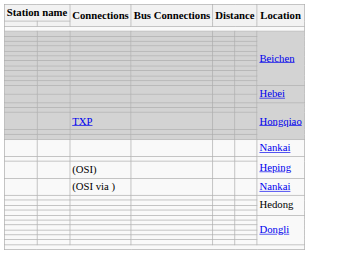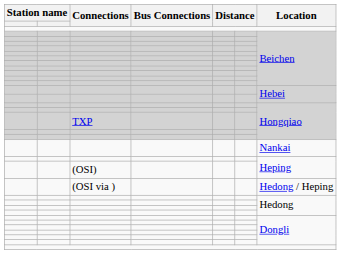 <table class="wikitable">
 <tr>
 <th colspan="2">Station name</th>
 <th rowspan="2">Connections</th>
 <th rowspan="2">Bus Connections</th>
 <th colspan="2" rowspan="2">Distance<br></th>
 <th rowspan="2">Location</th>
 </tr>
 <tr>
 <th></th>
 <th></th>
 </tr>
 <tr style="background:#">
 <td colspan="7"></td>
 </tr>
 <tr bgcolor="lightgrey">
 <td></td>
 <td></td>
 <td></td>
 <td></td>
 <td></td>
 <td></td>
 <td rowspan="11"><a href='#'>Beichen</a></td>
 </tr>
 <tr bgcolor="lightgrey">
 <td></td>
 <td></td>
 <td></td>
 <td></td>
 <td></td>
 <td></td>
 </tr>
 <tr bgcolor="lightgrey">
 <td></td>
 <td></td>
 <td></td>
 <td></td>
 <td></td>
 <td></td>
 </tr>
 <tr bgcolor="lightgrey">
 <td></td>
 <td></td>
 <td></td>
 <td></td>
 <td></td>
 <td></td>
 </tr>
 <tr bgcolor="lightgrey">
 <td></td>
 <td></td>
 <td></td>
 <td></td>
 <td></td>
 <td></td>
 </tr>
 <tr bgcolor="lightgrey">
 <td></td>
 <td></td>
 <td></td>
 <td></td>
 <td></td>
 <td></td>
 </tr>
 <tr bgcolor="lightgrey">
 <td></td>
 <td></td>
 <td></td>
 <td></td>
 <td></td>
 <td></td>
 </tr>
 <tr bgcolor="lightgrey">
 <td></td>
 <td></td>
 <td></td>
 <td></td>
 <td></td>
 <td></td>
 </tr>
 <tr bgcolor="lightgrey">
 <td></td>
 <td></td>
 <td></td>
 <td></td>
 <td></td>
 <td></td>
 </tr>
 <tr bgcolor="lightgrey">
 <td></td>
 <td></td>
 <td></td>
 <td></td>
 <td></td>
 <td></td>
 </tr>
 <tr bgcolor="lightgrey">
 <td></td>
 <td></td>
 <td></td>
 <td></td>
 <td></td>
 <td></td>
 </tr>
 <tr bgcolor="lightgrey">
 <td></td>
 <td></td>
 <td></td>
 <td></td>
 <td></td>
 <td></td>
 <td rowspan="2"><a href='#'>Hebei</a></td>
 </tr>
 <tr bgcolor="lightgrey">
 <td></td>
 <td></td>
 <td></td>
 <td></td>
 <td></td>
 <td></td>
 </tr>
 <tr bgcolor="lightgrey">
 <td></td>
 <td></td>
 <td></td>
 <td></td>
 <td></td>
 <td></td>
 <td rowspan="5"><a href='#'>Hongqiao</a></td>
 </tr>
 <tr bgcolor="lightgrey">
 <td></td>
 <td></td>
 <td></td>
 <td></td>
 <td></td>
 <td></td>
 </tr>
 <tr bgcolor="lightgrey">
 <td></td>
 <td></td>
 <td>   <a href='#'>TXP</a></td>
 <td></td>
 <td></td>
 <td></td>
 </tr>
 <tr bgcolor="lightgrey">
 <td></td>
 <td></td>
 <td></td>
 <td></td>
 <td></td>
 <td></td>
 </tr>
 <tr bgcolor="lightgrey">
 <td></td>
 <td></td>
 <td></td>
 <td></td>
 <td></td>
 <td></td>
 </tr>
 <tr>
 <td></td>
 <td></td>
 <td></td>
 <td></td>
 <td></td>
 <td></td>
 <td><a href='#'>Nankai</a></td>
 </tr>
 <tr>
 <td></td>
 <td></td>
 <td></td>
 <td></td>
 <td></td>
 <td></td>
 <td rowspan="2"><a href='#'>Heping</a></td>
 </tr>
 <tr>
 <td></td>
 <td></td>
 <td> (OSI)</td>
 <td></td>
 <td></td>
 <td></td>
 </tr>
 <tr>
 <td></td>
 <td></td>
 <td> (OSI via )</td>
 <td></td>
 <td></td>
 <td></td>
-<td><a href='#'>Nankai</a></td>
+<td><a href='#'>Hedong</a> / Heping</td>
 </tr>
 <tr>
 <td></td>
 <td></td>
 <td></td>
 <td></td>
 <td></td>
 <td></td>
 <td rowspan="4">Hedong</td>
 </tr>
 <tr>
 <td></td>
 <td></td>
 <td></td>
 <td></td>
 <td></td>
 <td></td>
 </tr>
 <tr>
 <td></td>
 <td></td>
 <td></td>
 <td></td>
 <td></td>
 <td></td>
 </tr>
 <tr>
 <td></td>
 <td></td>
 <td></td>
 <td></td>
 <td></td>
 <td></td>
 </tr>
 <tr>
 <td></td>
 <td></td>
 <td></td>
 <td></td>
 <td></td>
 <td></td>
 <td rowspan="6"><a href='#'>Dongli</a></td>
 </tr>
 <tr>
 <td></td>
 <td></td>
 <td></td>
 <td></td>
 <td></td>
 <td></td>
 </tr>
 <tr>
 <td></td>
 <td></td>
 <td></td>
 <td></td>
 <td></td>
 <td></td>
 </tr>
 <tr>
 <td></td>
 <td></td>
 <td></td>
 <td></td>
 <td></td>
 <td></td>
 </tr>
 <tr>
 <td></td>
 <td></td>
 <td></td>
 <td></td>
 <td></td>
 <td></td>
 </tr>
 <tr>
 <td></td>
 <td></td>
 <td></td>
 <td></td>
 <td></td>
 <td></td>
 </tr>
 <tr style="background:#">
 <td colspan="7"></td>
 </tr>
 </table>
